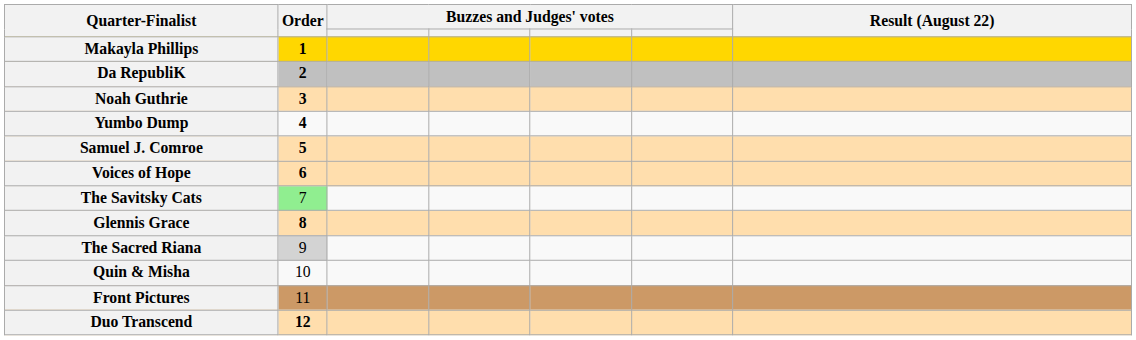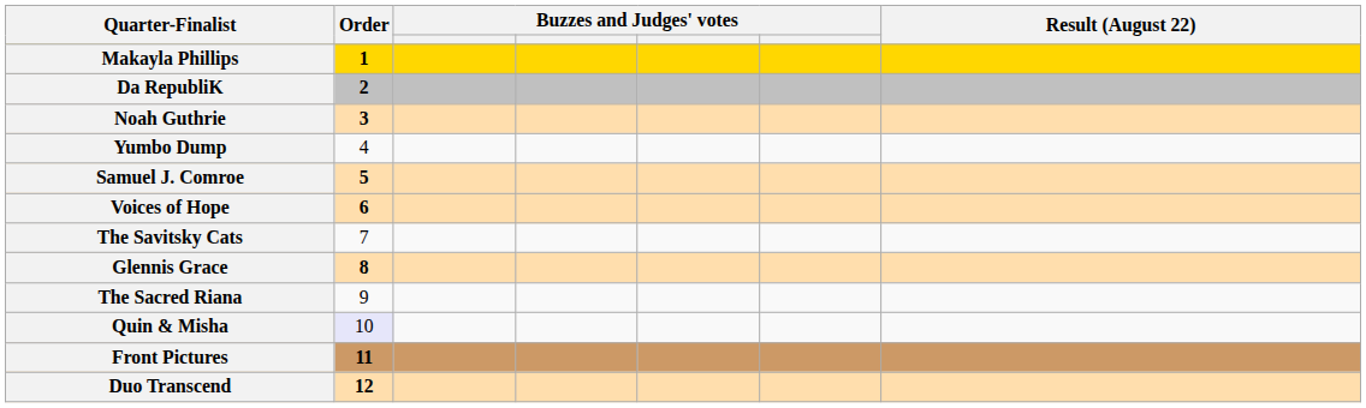 <table class="wikitable plainrowheaders sortable" style="text-align:center;">
 <tr>
 <th scope="col" rowspan="2" class="unsortable" style="width:17em;">Quarter-Finalist</th>
 <th scope="col" rowspan="2" style="width:1em;">Order</th>
 <th scope="col" colspan="4" class="unsortable" style="width:24em;">Buzzes and Judges' votes</th>
 <th scope="col" rowspan="2" style="width:25em;">Result (August 22)</th>
 </tr>
 <tr>
 <th scope="col" class="unsortable" style="width:6em;"></th>
 <th scope="col" class="unsortable" style="width:6em;"></th>
 <th scope="col" class="unsortable" style="width:6em;"></th>
 <th scope="col" class="unsortable" style="width:6em;"></th>
 </tr>
 <tr style="background:gold">
 <th scope="row"><strong>Makayla Phillips</strong></th>
 <td><strong>1</strong></td>
 <td style="text-align:center;"></td>
 <td style="text-align:center;"></td>
 <td style="text-align:center;"></td>
 <td style="text-align:center;"></td>
 <td><strong></strong></td>
 </tr>
 <tr style="background:silver">
 <th scope="row"><strong>Da RepubliK</strong></th>
 <td><strong>2</strong></td>
 <td style="text-align:center;"></td>
 <td style="text-align:center;"></td>
 <td style="text-align:center;"></td>
 <td style="text-align:center;"></td>
 <td><strong></strong></td>
 </tr>
 <tr style="background:NavajoWhite">
 <th scope="row"><strong>Noah Guthrie</strong></th>
 <td><strong>3</strong></td>
 <td style="text-align:center;"></td>
 <td style="text-align:center;"></td>
 <td style="text-align:center;"></td>
 <td style="text-align:center;"></td>
 <td><strong></strong></td>
 </tr>
 <tr>
 <th scope="row">Yumbo Dump</th>
-<td><strong>4</strong></td>
+<td>4</td>
 <td style="text-align:center;"></td>
 <td style="text-align:center;"></td>
 <td style="text-align:center;"></td>
 <td style="text-align:center;"></td>
 <td></td>
 </tr>
 <tr style="background:NavajoWhite">
 <th scope="row"><strong>Samuel J. Comroe</strong></th>
 <td><strong>5</strong></td>
 <td style="text-align:center;"></td>
 <td style="text-align:center;"></td>
 <td style="text-align:center;"></td>
 <td style="text-align:center;"></td>
 <td><strong></strong></td>
 </tr>
 <tr style="background:NavajoWhite">
 <th scope="row"><strong>Voices of Hope</strong></th>
 <td><strong>6</strong></td>
 <td style="text-align:center;"></td>
 <td style="text-align:center;"></td>
 <td style="text-align:center;"></td>
 <td style="text-align:center;"></td>
 <td><strong></strong></td>
 </tr>
 <tr>
 <th scope="row">The Savitsky Cats</th>
-<td style="background: lightgreen;">7</td>
+<td>7</td>
 <td style="text-align:center;"></td>
 <td style="text-align:center;"></td>
 <td style="text-align:center;"></td>
 <td style="text-align:center;"></td>
 <td></td>
 </tr>
 <tr style="background:NavajoWhite">
 <th scope="row"><strong>Glennis Grace</strong></th>
 <td><strong>8</strong></td>
 <td style="text-align:center;"></td>
 <td style="text-align:center;"></td>
 <td style="text-align:center;"></td>
 <td style="text-align:center;"></td>
 <td><strong></strong></td>
 </tr>
 <tr>
 <th scope="row">The Sacred Riana</th>
-<td style="background: lightgrey;">9</td>
+<td>9</td>
 <td style="text-align:center;"></td>
 <td style="text-align:center;"></td>
 <td style="text-align:center;"></td>
 <td style="text-align:center;"></td>
 <td></td>
 </tr>
 <tr>
 <th scope="row">Quin & Misha</th>
-<td>10</td>
+<td style="background: lavender;">10</td>
 <td style="text-align:center;"></td>
 <td style="text-align:center;"></td>
 <td style="text-align:center;"></td>
 <td style="text-align:center;"></td>
 <td></td>
 </tr>
 <tr style="background:#c96">
 <th scope="row">Front Pictures </th>
-<td>11</td>
+<td><strong>11</strong></td>
 <td style="text-align:center;"></td>
 <td style="text-align:center;"></td>
 <td style="text-align:center;"></td>
 <td style="text-align:center;"></td>
 <td></td>
 </tr>
 <tr style="background:NavajoWhite">
 <th scope="row"><strong>Duo Transcend</strong></th>
 <td><strong>12</strong></td>
 <td style="text-align:center;"></td>
 <td style="text-align:center;"></td>
 <td style="text-align:center;"></td>
 <td style="text-align:center;"></td>
 <td><strong></strong></td>
 </tr>
 </table>
